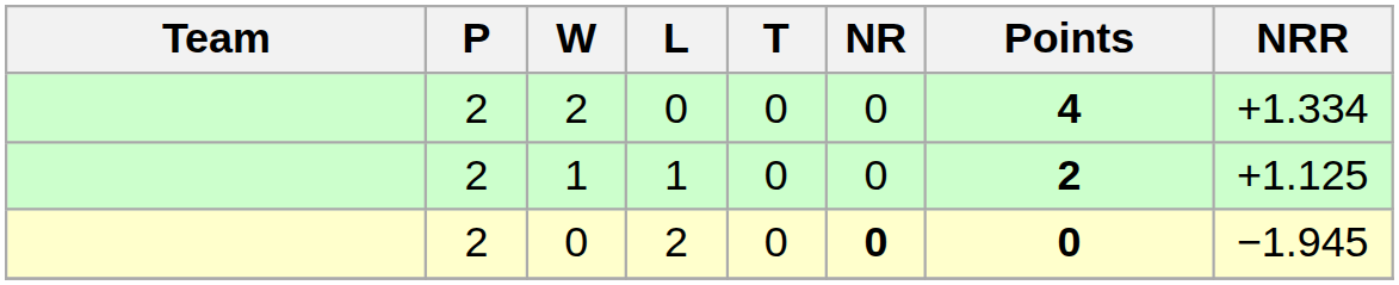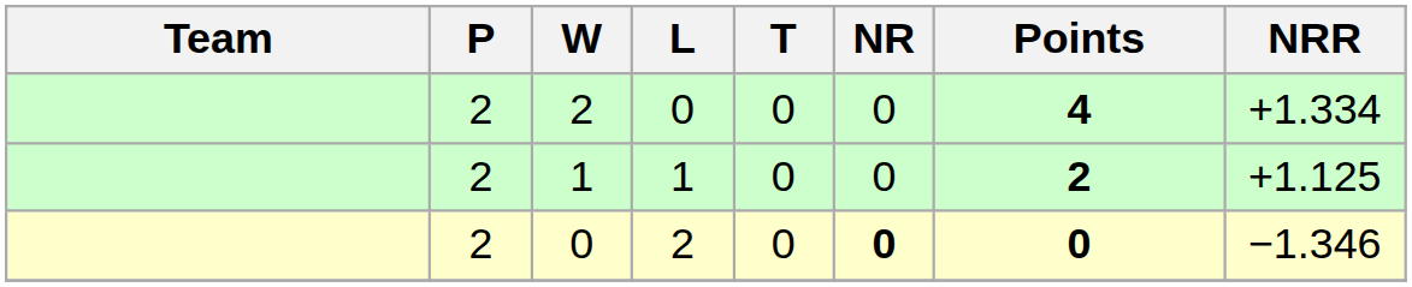 <table class="wikitable" style="text-align:center;">
 <tr>
 <th width=150>Team</th>
 <th width=30 abbr="Played">P</th>
 <th width=30 abbr="Won">W</th>
 <th width=30 abbr="Lost">L</th>
 <th width=30 abbr="Tied">T</th>
 <th width=30 abbr="No result">NR</th>
 <th width=100 abbr="Points">Points</th>
 <th width=60 abbr="Net run rate">NRR</th>
 </tr>
 <tr style="background: #ccffcc;">
 <td align="left"></td>
 <td>2</td>
 <td>2</td>
 <td>0</td>
 <td>0</td>
 <td>0</td>
 <td><strong>4</strong></td>
 <td>+1.334</td>
 </tr>
 <tr style="background: #ccffcc;">
 <td align="left"></td>
 <td>2</td>
 <td>1</td>
 <td>1</td>
 <td>0</td>
 <td>0</td>
 <td><strong>2</strong></td>
 <td>+1.125</td>
 </tr>
 <tr style="background: #ffffcc;">
 <td align="left"></td>
 <td>2</td>
 <td>0</td>
 <td>2</td>
 <td>0</td>
 <td><strong>0</strong></td>
 <td><strong>0</strong></td>
-<td>−1.945</td>
+<td>−1.346</td>
 </tr>
 <tr>
 </tr>
 </table>
